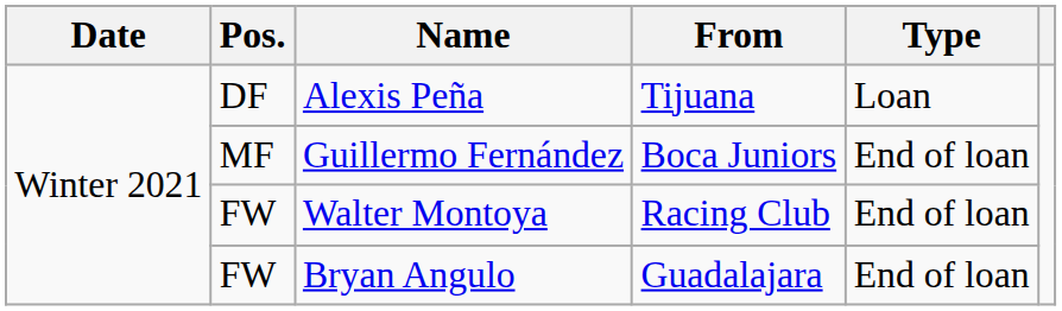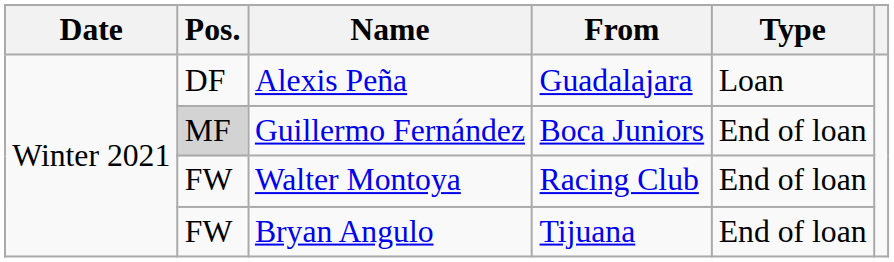 <table class="wikitable">
 <tr>
 <th>Date</th>
 <th>Pos.</th>
 <th>Name</th>
 <th>From</th>
 <th>Type</th>
 <th></th>
 </tr>
 <tr>
 <td rowspan=4>Winter 2021</td>
 <td>DF</td>
 <td> <a href='#'>Alexis Peña</a></td>
-<td> <a href='#'>Tijuana</a></td>
+<td> <a href='#'>Guadalajara</a></td>
 <td>Loan</td>
 </tr>
 <tr>
-<td>MF</td>
+<td style="background: lightgrey;">MF</td>
 <td> <a href='#'>Guillermo Fernández</a></td>
 <td> <a href='#'>Boca Juniors</a></td>
 <td>End of loan</td>
 </tr>
 <tr>
 <td>FW</td>
 <td> <a href='#'>Walter Montoya</a></td>
 <td> <a href='#'>Racing Club</a></td>
 <td>End of loan</td>
 </tr>
 <tr>
 <td>FW</td>
 <td> <a href='#'>Bryan Angulo</a></td>
-<td> <a href='#'>Guadalajara</a></td>
+<td> <a href='#'>Tijuana</a></td>
 <td>End of loan</td>
 </tr>
 </table>
